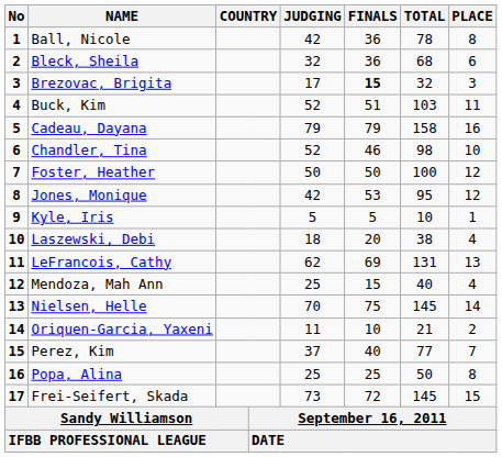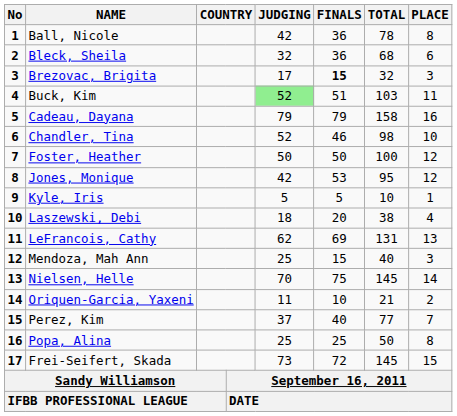 <table class="wikitable">
 <tr>
 <th>No</th>
 <th>NAME</th>
 <th colspan="2">COUNTRY</th>
 <th>JUDGING</th>
 <th>FINALS</th>
 <th>TOTAL</th>
 <th>PLACE</th>
 </tr>
 <tr>
 <td style="text-align: center"><strong>1</strong></td>
 <td>Ball, Nicole</td>
 <td colspan="2"></td>
 <td style="text-align: center">42</td>
 <td style="text-align: center">36</td>
 <td style="text-align: center">78</td>
 <td style="text-align: center">8</td>
 </tr>
 <tr>
 <td style="text-align: center"><strong>2</strong></td>
 <td><a href='#'>Bleck, Sheila</a></td>
 <td colspan="2"></td>
 <td style="text-align: center">32</td>
 <td style="text-align: center">36</td>
 <td style="text-align: center">68</td>
 <td style="text-align: center">6</td>
 </tr>
 <tr>
 <td style="text-align: center"><strong>3</strong></td>
 <td><a href='#'>Brezovac, Brigita</a></td>
 <td colspan="2"></td>
 <td style="text-align: center">17</td>
 <td style="text-align: center"><strong>15</strong></td>
 <td style="text-align: center">32</td>
 <td style="text-align: center">3</td>
 </tr>
 <tr>
 <td style="text-align: center"><strong>4</strong></td>
 <td>Buck, Kim</td>
 <td colspan="2"></td>
-<td style="text-align: center">52</td>
+<td style="background: lightgreen; text-align: center">52</td>
 <td style="text-align: center">51</td>
 <td style="text-align: center">103</td>
 <td style="text-align: center">11</td>
 </tr>
 <tr>
 <td style="text-align: center"><strong>5</strong></td>
 <td><a href='#'>Cadeau, Dayana</a></td>
 <td colspan="2"></td>
 <td style="text-align: center">79</td>
 <td style="text-align: center">79</td>
 <td style="text-align: center">158</td>
 <td style="text-align: center">16</td>
 </tr>
 <tr>
 <td style="text-align: center"><strong>6</strong></td>
 <td><a href='#'>Chandler, Tina</a></td>
 <td colspan="2"></td>
 <td style="text-align: center">52</td>
 <td style="text-align: center">46</td>
 <td style="text-align: center">98</td>
 <td style="text-align: center">10</td>
 </tr>
 <tr>
 <td style="text-align: center"><strong>7</strong></td>
 <td><a href='#'>Foster, Heather</a></td>
 <td colspan="2"></td>
 <td style="text-align: center">50</td>
 <td style="text-align: center">50</td>
 <td style="text-align: center">100</td>
 <td style="text-align: center">12</td>
 </tr>
 <tr>
 <td style="text-align: center"><strong>8</strong></td>
 <td><a href='#'>Jones, Monique</a></td>
 <td colspan="2"></td>
 <td style="text-align: center">42</td>
 <td style="text-align: center">53</td>
 <td style="text-align: center">95</td>
 <td style="text-align: center">12</td>
 </tr>
 <tr>
 <td style="text-align: center"><strong>9</strong></td>
 <td><a href='#'>Kyle, Iris</a></td>
 <td colspan="2"></td>
 <td style="text-align: center">5</td>
 <td style="text-align: center">5</td>
 <td style="text-align: center">10</td>
 <td style="text-align: center">1</td>
 </tr>
 <tr>
 <td style="text-align: center"><strong>10</strong></td>
 <td><a href='#'>Laszewski, Debi</a></td>
 <td colspan="2"></td>
 <td style="text-align: center">18</td>
 <td style="text-align: center">20</td>
 <td style="text-align: center">38</td>
 <td style="text-align: center">4</td>
 </tr>
 <tr>
 <td style="text-align: center"><strong>11</strong></td>
 <td><a href='#'>LeFrancois, Cathy</a></td>
 <td colspan="2"></td>
 <td style="text-align: center">62</td>
 <td style="text-align: center">69</td>
 <td style="text-align: center">131</td>
 <td style="text-align: center">13</td>
 </tr>
 <tr>
 <td style="text-align: center"><strong>12</strong></td>
 <td>Mendoza, Mah Ann</td>
 <td colspan="2"></td>
 <td style="text-align: center">25</td>
 <td style="text-align: center">15</td>
 <td style="text-align: center">40</td>
-<td style="text-align: center">4</td>
+<td style="text-align: center">3</td>
 </tr>
 <tr>
 <td style="text-align: center"><strong>13</strong></td>
 <td><a href='#'>Nielsen, Helle</a></td>
 <td colspan="2"></td>
 <td style="text-align: center">70</td>
 <td style="text-align: center">75</td>
 <td style="text-align: center">145</td>
 <td style="text-align: center">14</td>
 </tr>
 <tr>
 <td style="text-align: center"><strong>14</strong></td>
 <td><a href='#'>Oriquen-Garcia, Yaxeni</a></td>
 <td colspan="2"></td>
 <td style="text-align: center">11</td>
 <td style="text-align: center">10</td>
 <td style="text-align: center">21</td>
 <td style="text-align: center">2</td>
 </tr>
 <tr>
 <td style="text-align: center"><strong>15</strong></td>
 <td>Perez, Kim</td>
 <td colspan="2"></td>
 <td style="text-align: center">37</td>
 <td style="text-align: center">40</td>
 <td style="text-align: center">77</td>
 <td style="text-align: center">7</td>
 </tr>
 <tr>
 <td style="text-align: center"><strong>16</strong></td>
 <td><a href='#'>Popa, Alina</a></td>
 <td colspan="2"></td>
 <td style="text-align: center">25</td>
 <td style="text-align: center">25</td>
 <td style="text-align: center">50</td>
 <td style="text-align: center">8</td>
 </tr>
 <tr>
 <td style="text-align: center"><strong>17</strong></td>
 <td>Frei-Seifert, Skada</td>
 <td colspan="2"></td>
 <td style="text-align: center">73</td>
 <td style="text-align: center">72</td>
 <td style="text-align: center">145</td>
 <td style="text-align: center">15</td>
 </tr>
 <tr>
 <th colspan="3" style="text-align: center"><u>Sandy Williamson</u></th>
 <th colspan="5" style="text-align: center"><u>September 16, 2011</u></th>
 </tr>
 <tr>
 <th colspan="3" style="text-align: left">IFBB PROFESSIONAL LEAGUE</th>
 <th colspan="5" style="text-align: left">DATE</th>
 </tr>
 </table>
